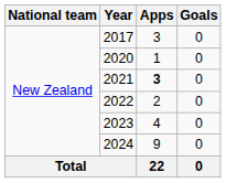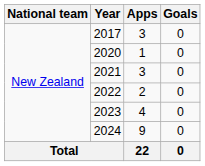 <table class=wikitable style=text-align:center>
 <tr>
 <th>National team</th>
 <th>Year</th>
 <th>Apps</th>
 <th>Goals</th>
 </tr>
 <tr>
 <td rowspan=6><a href='#'>New Zealand</a></td>
 <td>2017</td>
 <td>3</td>
 <td>0</td>
 </tr>
 <tr>
 <td>2020</td>
 <td>1</td>
 <td>0</td>
 </tr>
 <tr>
 <td>2021</td>
-<td><strong>3</strong></td>
+<td>3</td>
 <td>0</td>
 </tr>
 <tr>
 <td>2022</td>
 <td>2</td>
 <td>0</td>
 </tr>
 <tr>
 <td>2023</td>
 <td>4</td>
 <td>0</td>
 </tr>
 <tr>
 <td>2024</td>
 <td>9</td>
 <td>0</td>
 </tr>
 <tr>
 <th colspan=2>Total</th>
 <th>22</th>
 <th>0</th>
 </tr>
 </table>
